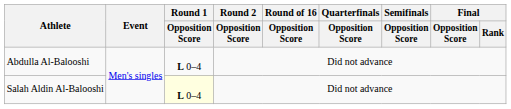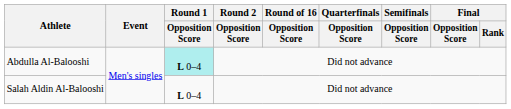 <table class=wikitable style="font-size:90%; text-align:center;">
 <tr>
 <th rowspan="2">Athlete</th>
 <th rowspan="2">Event</th>
 <th>Round 1</th>
 <th>Round 2</th>
 <th>Round of 16</th>
 <th>Quarterfinals</th>
 <th>Semifinals</th>
 <th colspan=2>Final</th>
 </tr>
 <tr style="font-size:95%">
 <th>Opposition<br>Score</th>
 <th>Opposition<br>Score</th>
 <th>Opposition<br>Score</th>
 <th>Opposition<br>Score</th>
 <th>Opposition<br>Score</th>
 <th>Opposition<br>Score</th>
 <th>Rank</th>
 </tr>
 <tr>
 <td align=left>Abdulla Al-Balooshi</td>
 <td align=left rowspan=2><a href='#'>Men's singles</a></td>
-<td><br><strong>L</strong> 0–4</td>
+<td style="background: paleturquoise;"><br><strong>L</strong> 0–4</td>
 <td colspan=6>Did not advance</td>
 </tr>
 <tr>
 <td align=left>Salah Aldin Al-Balooshi</td>
-<td style="background: lightyellow;"><br><strong>L</strong> 0–4</td>
+<td><br><strong>L</strong> 0–4</td>
 <td colspan=6>Did not advance</td>
 </tr>
 </table>
